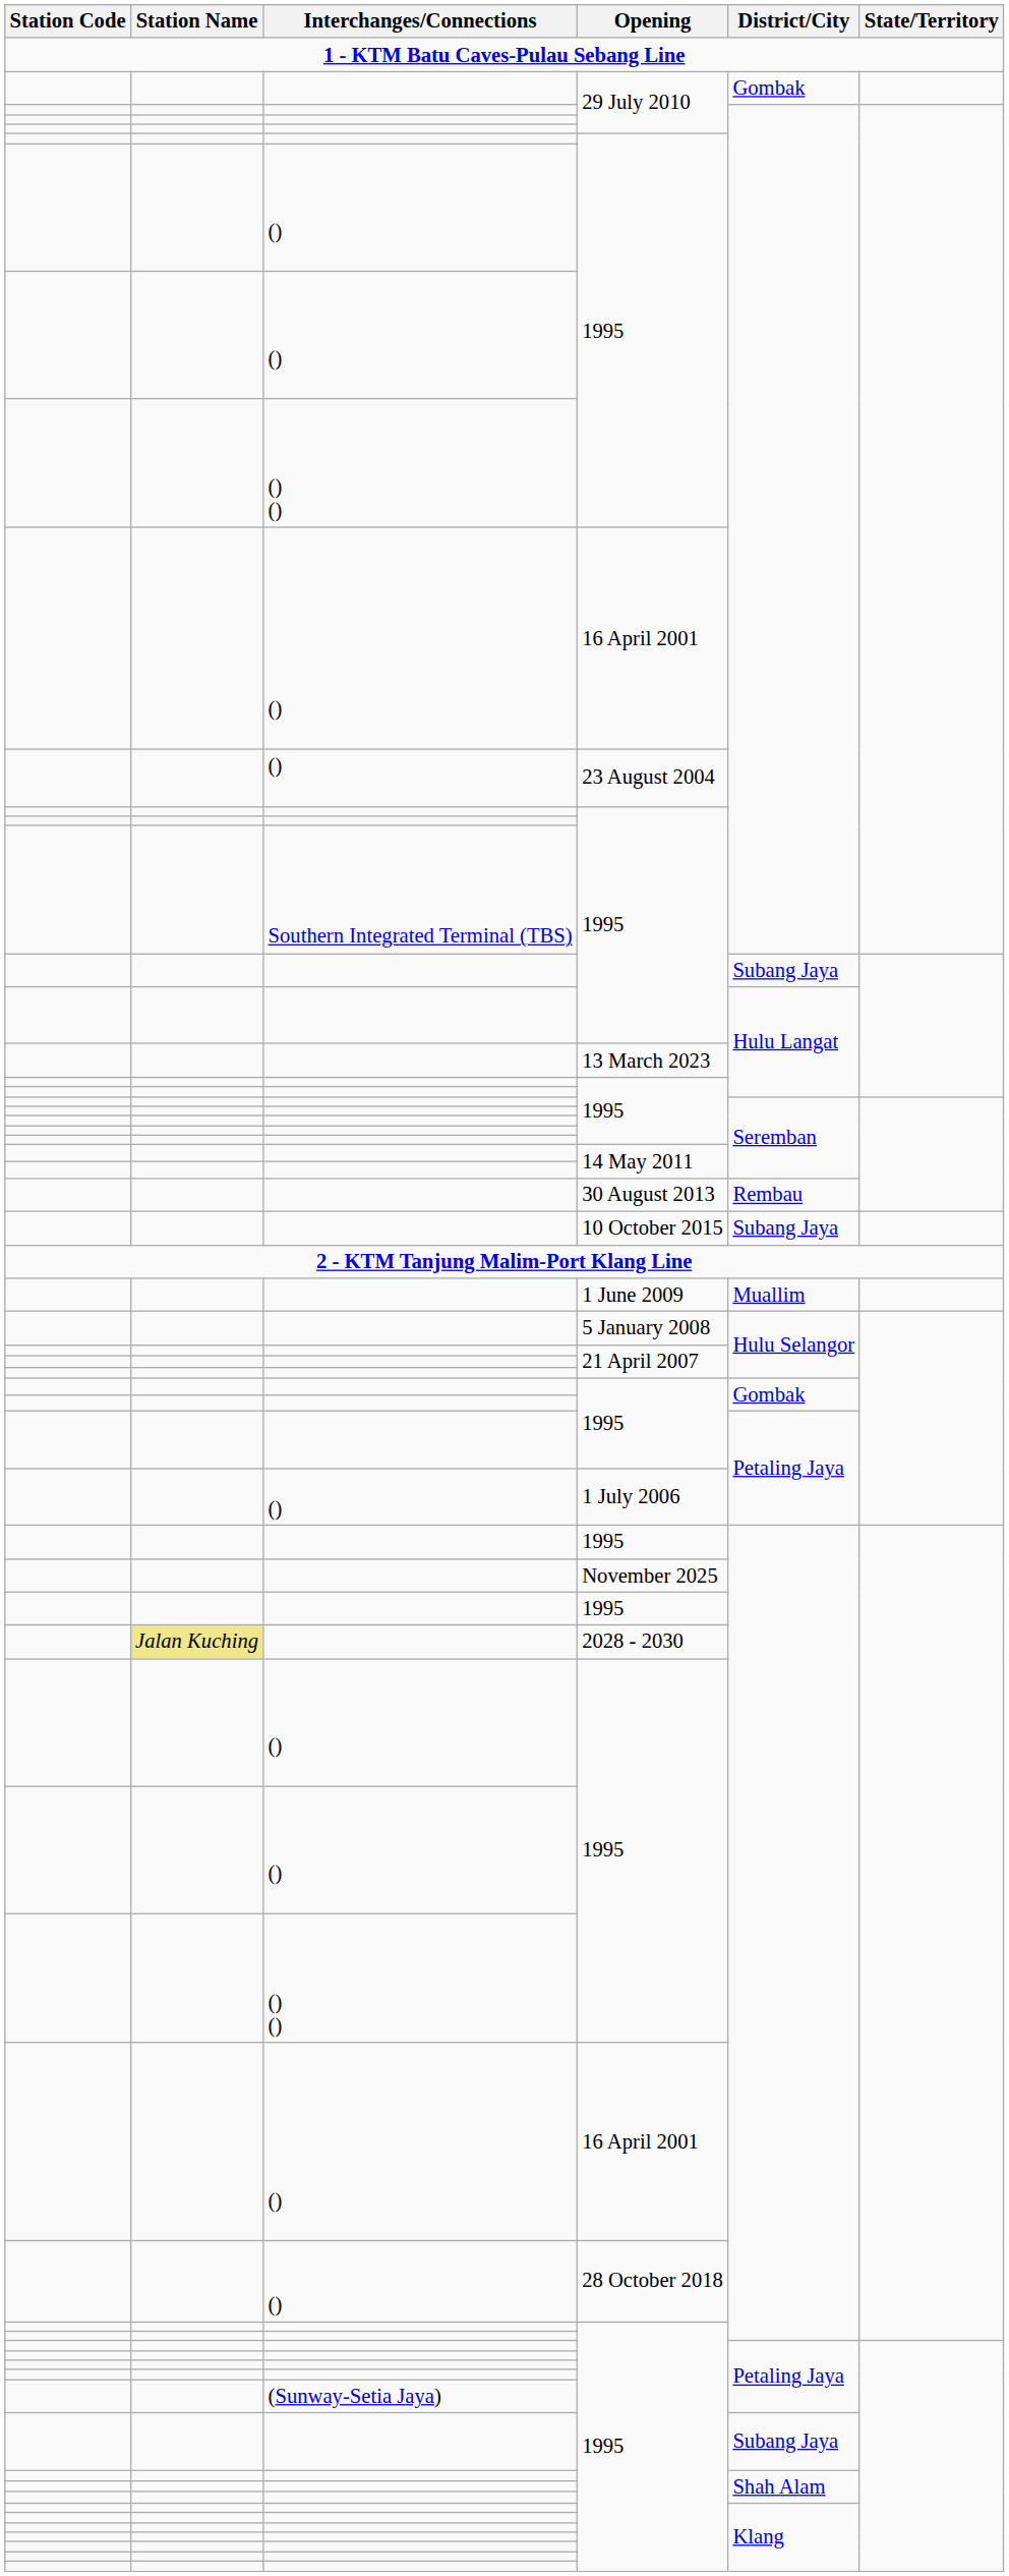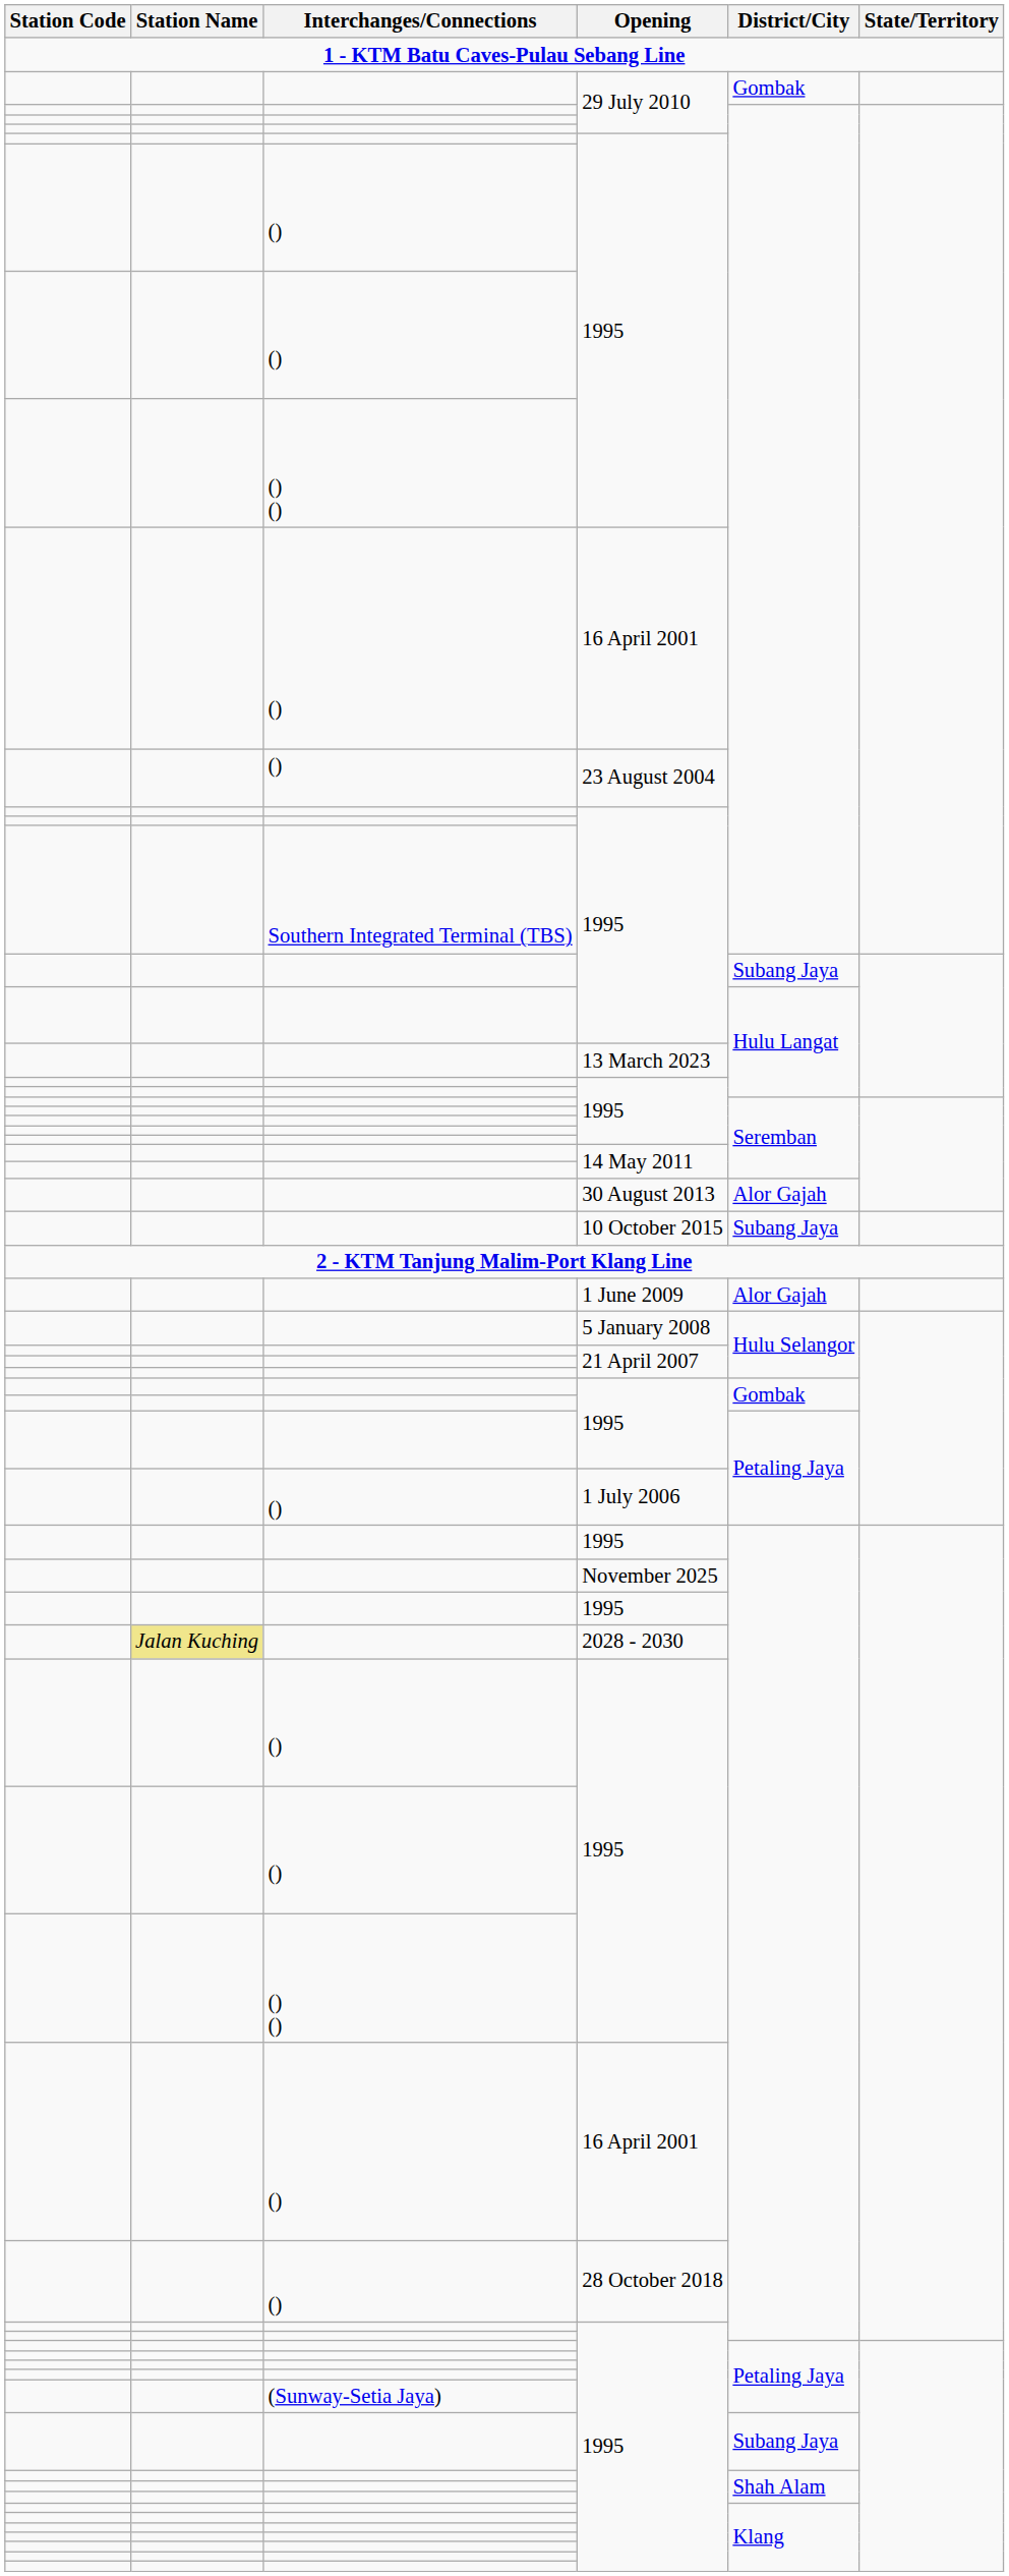 <table class="wikitable" style="margin: 1em auto 1em auto;">
 <tr>
 <th>Station Code</th>
 <th>Station Name</th>
 <th>Interchanges/Connections</th>
 <th>Opening</th>
 <th>District/City</th>
 <th>State/Territory</th>
 </tr>
 <tr>
 <td colspan="6" align="center"><strong><a href='#'><span>1 - KTM Batu Caves-Pulau Sebang Line</span></a></strong></td>
 </tr>
 <tr>
 <td></td>
 <td></td>
 <td></td>
 <td rowspan="4">29 July 2010</td>
 <td><a href='#'>Gombak</a></td>
 <td></td>
 </tr>
 <tr>
 <td></td>
 <td></td>
 <td></td>
 <td rowspan="12"></td>
 <td rowspan="12"></td>
 </tr>
 <tr>
 <td></td>
 <td></td>
 <td> </td>
 </tr>
 <tr>
 <td></td>
 <td></td>
 <td></td>
 </tr>
 <tr>
 <td></td>
 <td></td>
 <td></td>
 <td rowspan="4">1995</td>
 </tr>
 <tr>
 <td></td>
 <td></td>
 <td> <br><br><br> ()<br><br></td>
 </tr>
 <tr>
 <td></td>
 <td></td>
 <td> <br><br><br> ()<br><br></td>
 </tr>
 <tr>
 <td></td>
 <td></td>
 <td> <br><br><br> ()<br> ()<br> </td>
 </tr>
 <tr>
 <td></td>
 <td></td>
 <td> <br><br><br><br><br><br><br> ()<br><br> </td>
 <td>16 April 2001</td>
 </tr>
 <tr>
 <td></td>
 <td></td>
 <td> ()<br><br></td>
 <td>23 August 2004</td>
 </tr>
 <tr>
 <td></td>
 <td></td>
 <td></td>
 <td rowspan="5">1995</td>
 </tr>
 <tr>
 <td></td>
 <td></td>
 <td></td>
 </tr>
 <tr>
 <td></td>
 <td></td>
 <td><br><br><br> <br> <a href='#'>Southern Integrated Terminal (TBS)</a></td>
 </tr>
 <tr>
 <td></td>
 <td></td>
 <td></td>
 <td><a href='#'>Subang Jaya</a></td>
 <td rowspan="5"></td>
 </tr>
 <tr>
 <td></td>
 <td></td>
 <td><br><br> </td>
 <td rowspan="4"><a href='#'>Hulu Langat</a></td>
 </tr>
 <tr>
 <td></td>
 <td></td>
 <td></td>
 <td>13 March 2023</td>
 </tr>
 <tr>
 <td></td>
 <td></td>
 <td></td>
 <td rowspan="7">1995</td>
 </tr>
 <tr>
 <td></td>
 <td></td>
 <td></td>
 </tr>
 <tr>
 <td></td>
 <td></td>
 <td></td>
 <td rowspan="7"><a href='#'>Seremban</a></td>
 <td rowspan="8"></td>
 </tr>
 <tr>
 <td></td>
 <td></td>
 <td></td>
 </tr>
 <tr>
 <td></td>
 <td></td>
 <td></td>
 </tr>
 <tr>
 <td></td>
 <td></td>
 <td></td>
 </tr>
 <tr>
 <td></td>
 <td></td>
 <td> </td>
 </tr>
 <tr>
 <td></td>
 <td></td>
 <td></td>
 <td rowspan="2">14 May 2011</td>
 </tr>
 <tr>
 <td></td>
 <td></td>
 <td></td>
 </tr>
 <tr>
 <td></td>
 <td></td>
 <td></td>
 <td>30 August 2013</td>
-<td><a href='#'>Rembau</a></td>
+<td><a href='#'>Alor Gajah</a></td>
 </tr>
 <tr>
 <td></td>
 <td></td>
 <td> </td>
 <td>10 October 2015</td>
 <td><a href='#'>Subang Jaya</a></td>
 <td></td>
 </tr>
 <tr>
 <td colspan="6" align="center"><strong><a href='#'><span>2 - KTM Tanjung Malim-Port Klang Line</span></a></strong></td>
 </tr>
 <tr>
 <td></td>
 <td></td>
 <td> </td>
 <td>1 June 2009</td>
-<td><a href='#'>Muallim</a></td>
+<td><a href='#'>Alor Gajah</a></td>
 <td></td>
 </tr>
 <tr>
 <td></td>
 <td></td>
 <td> </td>
 <td>5 January 2008</td>
 <td rowspan="4"><a href='#'>Hulu Selangor</a></td>
 <td rowspan="8"></td>
 </tr>
 <tr>
 <td></td>
 <td></td>
 <td></td>
 <td rowspan="3">21 April 2007</td>
 </tr>
 <tr>
 <td></td>
 <td></td>
 <td> </td>
 </tr>
 <tr>
 <td></td>
 <td></td>
 <td></td>
 </tr>
 <tr>
 <td></td>
 <td></td>
 <td> </td>
 <td rowspan="3">1995</td>
 <td rowspan="2"><a href='#'>Gombak</a></td>
 </tr>
 <tr>
 <td></td>
 <td></td>
 <td></td>
 </tr>
 <tr>
 <td></td>
 <td></td>
 <td><br><br> </td>
 <td rowspan="2"><a href='#'>Petaling Jaya</a></td>
 </tr>
 <tr>
 <td></td>
 <td></td>
 <td><br> ()<br> </td>
 <td>1 July 2006</td>
 </tr>
 <tr>
 <td></td>
 <td></td>
 <td></td>
 <td>1995</td>
 <td rowspan="11"></td>
 <td rowspan="11"></td>
 </tr>
 <tr>
 <td></td>
 <td><em></em></td>
 <td></td>
 <td>November 2025</td>
 </tr>
 <tr>
 <td></td>
 <td></td>
 <td></td>
 <td>1995</td>
 </tr>
 <tr>
 <td></td>
 <td style="background: khaki;"><em>Jalan Kuching</em></td>
 <td> </td>
 <td>2028 - 2030</td>
 </tr>
 <tr>
 <td></td>
 <td></td>
 <td> <br><br><br> ()<br><br></td>
 <td rowspan="3">1995</td>
 </tr>
 <tr>
 <td></td>
 <td></td>
 <td> <br><br><br> ()<br><br></td>
 </tr>
 <tr>
 <td></td>
 <td></td>
 <td> <br><br><br> ()<br> ()<br> </td>
 </tr>
 <tr>
 <td></td>
 <td></td>
 <td> <br><br><br><br><br><br> ()<br><br> </td>
 <td>16 April 2001</td>
 </tr>
 <tr>
 <td></td>
 <td></td>
 <td><br><br> ()</td>
 <td>28 October 2018</td>
 </tr>
 <tr>
 <td></td>
 <td></td>
 <td></td>
 <td rowspan="18">1995</td>
 </tr>
 <tr>
 <td></td>
 <td></td>
 <td> </td>
 </tr>
 <tr>
 <td></td>
 <td></td>
 <td></td>
 <td rowspan="5"><a href='#'>Petaling Jaya</a></td>
 <td rowspan="16"></td>
 </tr>
 <tr>
 <td></td>
 <td></td>
 <td></td>
 </tr>
 <tr>
 <td></td>
 <td></td>
 <td></td>
 </tr>
 <tr>
 <td></td>
 <td></td>
 <td></td>
 </tr>
 <tr>
 <td></td>
 <td></td>
 <td>  (<a href='#'>Sunway-Setia Jaya</a>)</td>
 </tr>
 <tr>
 <td></td>
 <td></td>
 <td><br><br></td>
 <td><a href='#'>Subang Jaya</a></td>
 </tr>
 <tr>
 <td></td>
 <td></td>
 <td></td>
 <td rowspan="3"><a href='#'>Shah Alam</a></td>
 </tr>
 <tr>
 <td></td>
 <td></td>
 <td></td>
 </tr>
 <tr>
 <td></td>
 <td></td>
 <td></td>
 </tr>
 <tr>
 <td></td>
 <td></td>
 <td></td>
 <td rowspan="7"><a href='#'>Klang</a></td>
 </tr>
 <tr>
 <td></td>
 <td></td>
 <td></td>
 </tr>
 <tr>
 <td></td>
 <td></td>
 <td></td>
 </tr>
 <tr>
 <td></td>
 <td></td>
 <td></td>
 </tr>
 <tr>
 <td></td>
 <td></td>
 <td></td>
 </tr>
 <tr>
 <td></td>
 <td></td>
 <td></td>
 </tr>
 <tr>
 <td></td>
 <td></td>
 <td></td>
 </tr>
 </table>
